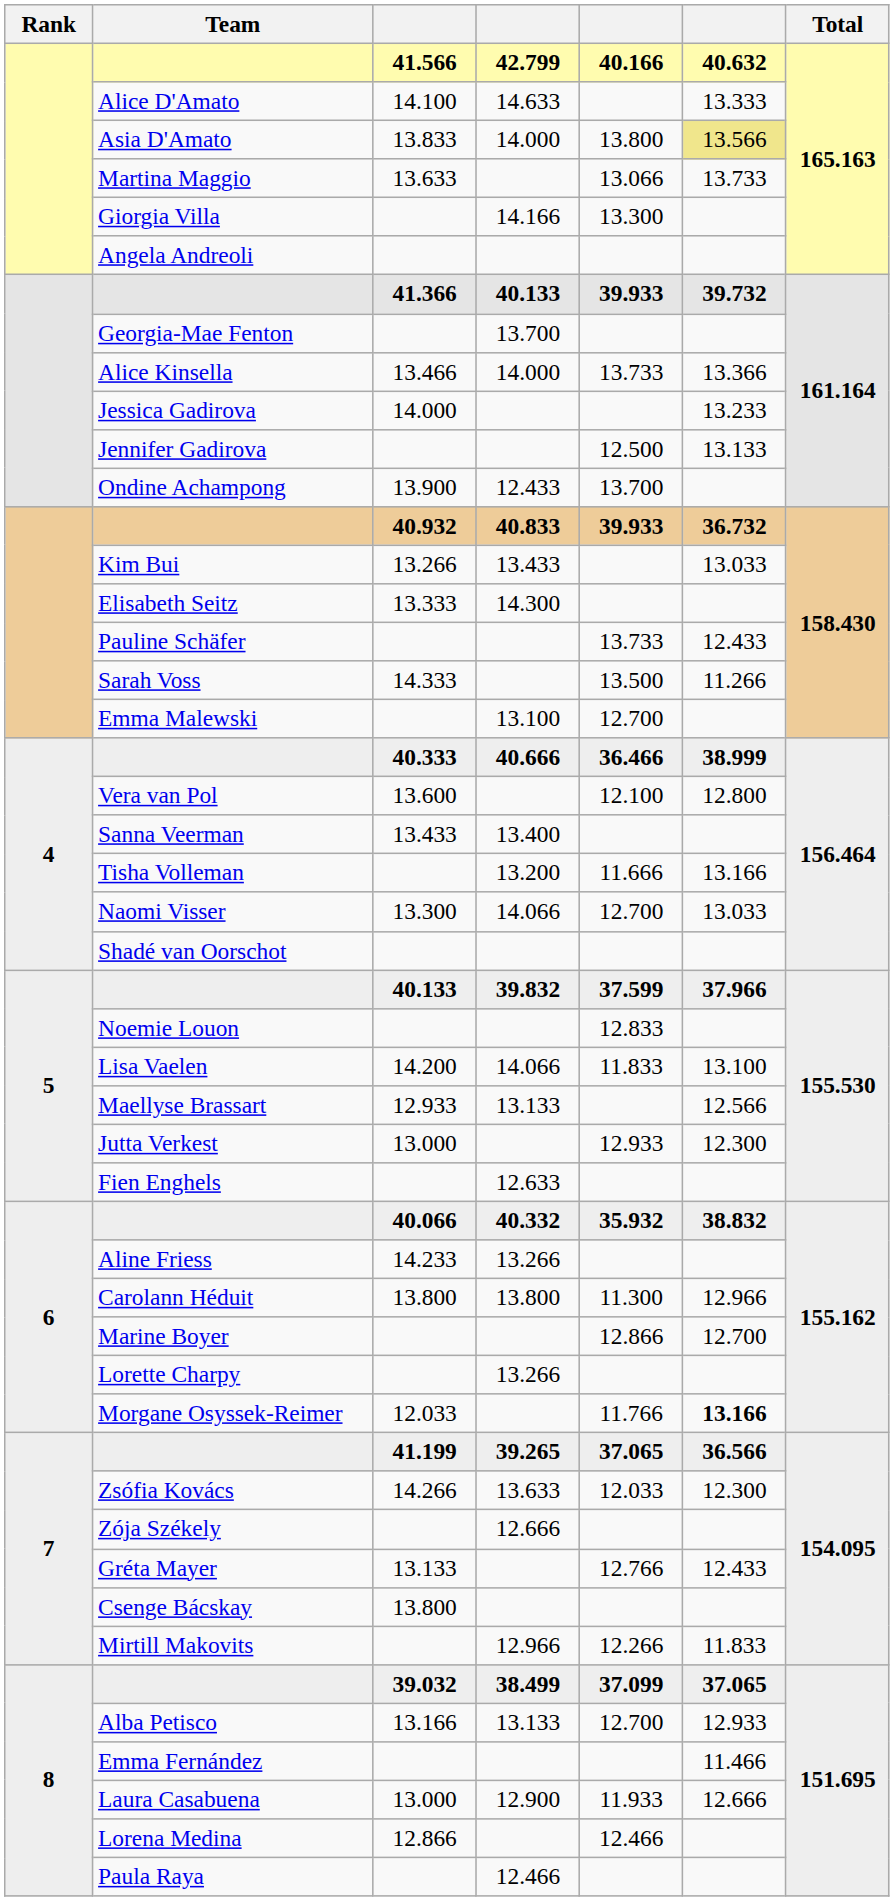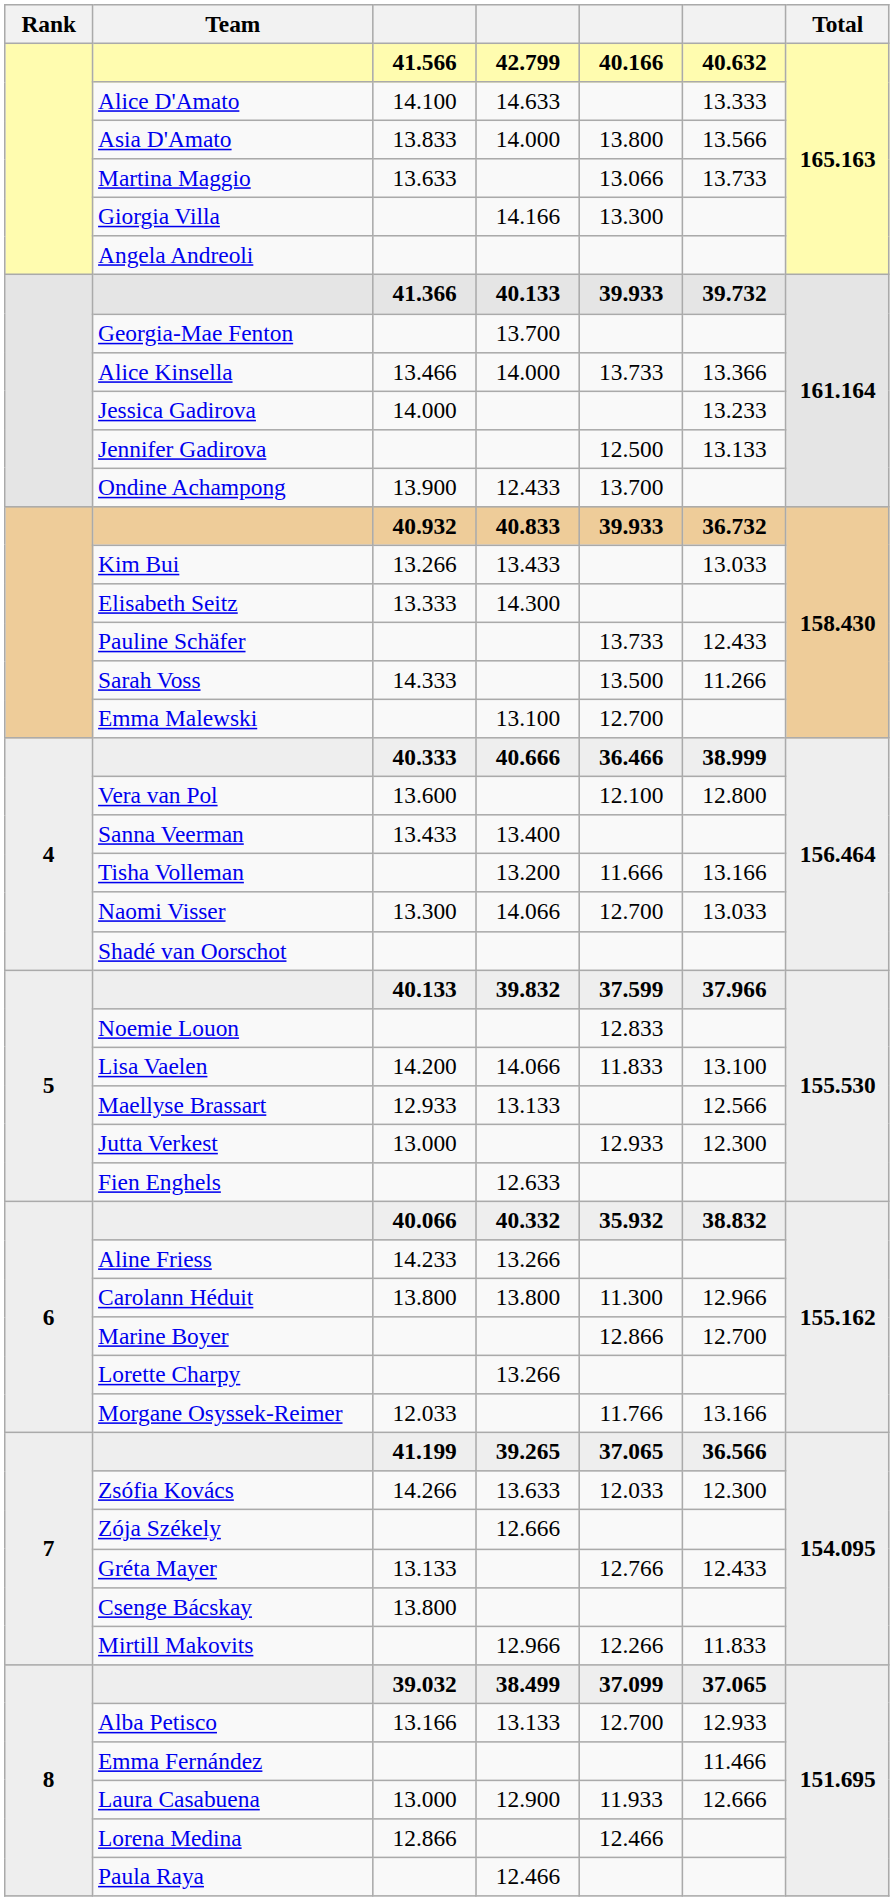 <table class="wikitable sortable" style="text-align:center; font-size:95%">
 <tr>
 <th scope="col" style="width:50px;">Rank</th>
 <th scope="col" style="width:175px;">Team</th>
 <th scope="col" style="width:60px;"></th>
 <th scope="col" style="width:60px;"></th>
 <th scope="col" style="width:60px;"></th>
 <th scope="col" style="width:60px;"></th>
 <th scope="col" style="width:60px;">Total</th>
 </tr>
 <tr style="background:#fffcaf;">
 <td rowspan="6"><strong></strong></td>
 <td style="text-align:left;"></td>
 <td><strong>41.566</strong></td>
 <td><strong>42.799</strong></td>
 <td><strong>40.166</strong></td>
 <td><strong>40.632</strong></td>
 <td rowspan="6"><strong>165.163</strong></td>
 </tr>
 <tr>
 <td style="text-align:left;"><a href='#'>Alice D'Amato</a></td>
 <td>14.100</td>
 <td>14.633</td>
 <td></td>
 <td>13.333</td>
 </tr>
 <tr>
 <td style="text-align:left;"><a href='#'>Asia D'Amato</a></td>
 <td>13.833</td>
 <td>14.000</td>
 <td>13.800</td>
-<td style="background: khaki;">13.566</td>
+<td>13.566</td>
 </tr>
 <tr>
 <td style="text-align:left;"><a href='#'>Martina Maggio</a></td>
 <td>13.633</td>
 <td></td>
 <td>13.066</td>
 <td>13.733</td>
 </tr>
 <tr>
 <td style="text-align:left;"><a href='#'>Giorgia Villa</a></td>
 <td></td>
 <td>14.166</td>
 <td>13.300</td>
 <td></td>
 </tr>
 <tr>
 <td style="text-align:left;"><a href='#'>Angela Andreoli</a></td>
 <td></td>
 <td></td>
 <td></td>
 <td></td>
 </tr>
 <tr style="background:#e5e5e5;">
 <td rowspan="6"><strong></strong></td>
 <td style="text-align:left;"></td>
 <td><strong>41.366</strong></td>
 <td><strong>40.133</strong></td>
 <td><strong>39.933</strong></td>
 <td><strong>39.732</strong></td>
 <td rowspan="6"><strong>161.164</strong></td>
 </tr>
 <tr>
 <td style="text-align:left;"><a href='#'>Georgia-Mae Fenton</a></td>
 <td></td>
 <td>13.700</td>
 <td></td>
 <td></td>
 </tr>
 <tr>
 <td style="text-align:left;"><a href='#'>Alice Kinsella</a></td>
 <td>13.466</td>
 <td>14.000</td>
 <td>13.733</td>
 <td>13.366</td>
 </tr>
 <tr>
 <td style="text-align:left;"><a href='#'>Jessica Gadirova</a></td>
 <td>14.000</td>
 <td></td>
 <td></td>
 <td>13.233</td>
 </tr>
 <tr>
 <td style="text-align:left;"><a href='#'>Jennifer Gadirova</a></td>
 <td></td>
 <td></td>
 <td>12.500</td>
 <td>13.133</td>
 </tr>
 <tr>
 <td style="text-align:left;"><a href='#'>Ondine Achampong</a></td>
 <td>13.900</td>
 <td>12.433</td>
 <td>13.700</td>
 <td></td>
 </tr>
 <tr style="background:#ec9;">
 <td rowspan="6"><strong></strong></td>
 <td style="text-align:left;"></td>
 <td><strong>40.932</strong></td>
 <td><strong>40.833</strong></td>
 <td><strong>39.933</strong></td>
 <td><strong>36.732</strong></td>
 <td rowspan="6"><strong>158.430</strong></td>
 </tr>
 <tr>
 <td style="text-align:left;"><a href='#'>Kim Bui</a></td>
 <td>13.266</td>
 <td>13.433</td>
 <td></td>
 <td>13.033</td>
 </tr>
 <tr>
 <td style="text-align:left;"><a href='#'>Elisabeth Seitz</a></td>
 <td>13.333</td>
 <td>14.300</td>
 <td></td>
 <td></td>
 </tr>
 <tr>
 <td style="text-align:left;"><a href='#'>Pauline Schäfer</a></td>
 <td></td>
 <td></td>
 <td>13.733</td>
 <td>12.433</td>
 </tr>
 <tr>
 <td style="text-align:left;"><a href='#'>Sarah Voss</a></td>
 <td>14.333</td>
 <td></td>
 <td>13.500</td>
 <td>11.266</td>
 </tr>
 <tr>
 <td style="text-align:left;"><a href='#'>Emma Malewski</a></td>
 <td></td>
 <td>13.100</td>
 <td>12.700</td>
 <td></td>
 </tr>
 <tr style="background:#eee;">
 <td rowspan="6"><strong>4</strong></td>
 <td style="text-align:left;"></td>
 <td><strong>40.333</strong></td>
 <td><strong>40.666</strong></td>
 <td><strong>36.466</strong></td>
 <td><strong>38.999</strong></td>
 <td rowspan="6"><strong>156.464</strong></td>
 </tr>
 <tr>
 <td style="text-align:left;"><a href='#'>Vera van Pol</a></td>
 <td>13.600</td>
 <td></td>
 <td>12.100</td>
 <td>12.800</td>
 </tr>
 <tr>
 <td style="text-align:left;"><a href='#'>Sanna Veerman</a></td>
 <td>13.433</td>
 <td>13.400</td>
 <td></td>
 <td></td>
 </tr>
 <tr>
 <td style="text-align:left;"><a href='#'>Tisha Volleman</a></td>
 <td></td>
 <td>13.200</td>
 <td>11.666</td>
 <td>13.166</td>
 </tr>
 <tr>
 <td style="text-align:left;"><a href='#'>Naomi Visser</a></td>
 <td>13.300</td>
 <td>14.066</td>
 <td>12.700</td>
 <td>13.033</td>
 </tr>
 <tr>
 <td style="text-align:left;"><a href='#'>Shadé van Oorschot</a></td>
 <td></td>
 <td></td>
 <td></td>
 <td></td>
 </tr>
 <tr style="background:#eee;">
 <td rowspan="6"><strong>5</strong></td>
 <td style="text-align:left;"></td>
 <td><strong>40.133</strong></td>
 <td><strong>39.832</strong></td>
 <td><strong>37.599</strong></td>
 <td><strong>37.966</strong></td>
 <td rowspan="6"><strong>155.530</strong></td>
 </tr>
 <tr>
 <td style="text-align:left;"><a href='#'>Noemie Louon</a></td>
 <td></td>
 <td></td>
 <td>12.833</td>
 <td></td>
 </tr>
 <tr>
 <td style="text-align:left;"><a href='#'>Lisa Vaelen</a></td>
 <td>14.200</td>
 <td>14.066</td>
 <td>11.833</td>
 <td>13.100</td>
 </tr>
 <tr>
 <td style="text-align:left;"><a href='#'>Maellyse Brassart</a></td>
 <td>12.933</td>
 <td>13.133</td>
 <td></td>
 <td>12.566</td>
 </tr>
 <tr>
 <td style="text-align:left;"><a href='#'>Jutta Verkest</a></td>
 <td>13.000</td>
 <td></td>
 <td>12.933</td>
 <td>12.300</td>
 </tr>
 <tr>
 <td style="text-align:left;"><a href='#'>Fien Enghels</a></td>
 <td></td>
 <td>12.633</td>
 <td></td>
 <td></td>
 </tr>
 <tr style="background:#eee;">
 <td rowspan="6"><strong>6</strong></td>
 <td style="text-align:left;"></td>
 <td><strong>40.066</strong></td>
 <td><strong>40.332</strong></td>
 <td><strong>35.932</strong></td>
 <td><strong>38.832</strong></td>
 <td rowspan="6"><strong>155.162</strong></td>
 </tr>
 <tr>
 <td style="text-align:left;"><a href='#'>Aline Friess</a></td>
 <td>14.233</td>
 <td>13.266</td>
 <td></td>
 <td></td>
 </tr>
 <tr>
 <td style="text-align:left;"><a href='#'>Carolann Héduit</a></td>
 <td>13.800</td>
 <td>13.800</td>
 <td>11.300</td>
 <td>12.966</td>
 </tr>
 <tr>
 <td style="text-align:left;"><a href='#'>Marine Boyer</a></td>
 <td></td>
 <td></td>
 <td>12.866</td>
 <td>12.700</td>
 </tr>
 <tr>
 <td style="text-align:left;"><a href='#'>Lorette Charpy</a></td>
 <td></td>
 <td>13.266</td>
 <td></td>
 <td></td>
 </tr>
 <tr>
 <td style="text-align:left;"><a href='#'>Morgane Osyssek-Reimer</a></td>
 <td>12.033</td>
 <td></td>
 <td>11.766</td>
-<td><strong>13.166</strong></td>
+<td>13.166</td>
 </tr>
 <tr style="background:#eee;">
 <td rowspan="6"><strong>7</strong></td>
 <td style="text-align:left;"></td>
 <td><strong>41.199</strong></td>
 <td><strong>39.265</strong></td>
 <td><strong>37.065</strong></td>
 <td><strong>36.566</strong></td>
 <td rowspan="6"><strong>154.095</strong></td>
 </tr>
 <tr>
 <td style="text-align:left;"><a href='#'>Zsófia Kovács</a></td>
 <td>14.266</td>
 <td>13.633</td>
 <td>12.033</td>
 <td>12.300</td>
 </tr>
 <tr>
 <td style="text-align:left;"><a href='#'>Zója Székely</a></td>
 <td></td>
 <td>12.666</td>
 <td></td>
 <td></td>
 </tr>
 <tr>
 <td style="text-align:left;"><a href='#'>Gréta Mayer</a></td>
 <td>13.133</td>
 <td></td>
 <td>12.766</td>
 <td>12.433</td>
 </tr>
 <tr>
 <td style="text-align:left;"><a href='#'>Csenge Bácskay</a></td>
 <td>13.800</td>
 <td></td>
 <td></td>
 <td></td>
 </tr>
 <tr>
 <td style="text-align:left;"><a href='#'>Mirtill Makovits</a></td>
 <td></td>
 <td>12.966</td>
 <td>12.266</td>
 <td>11.833</td>
 </tr>
 <tr style="background:#eee;">
 <td rowspan="6"><strong>8</strong></td>
 <td style="text-align:left;"></td>
 <td><strong>39.032</strong></td>
 <td><strong>38.499</strong></td>
 <td><strong>37.099</strong></td>
 <td><strong>37.065</strong></td>
 <td rowspan="6"><strong>151.695</strong></td>
 </tr>
 <tr>
 <td style="text-align:left;"><a href='#'>Alba Petisco</a></td>
 <td>13.166</td>
 <td>13.133</td>
 <td>12.700</td>
 <td>12.933</td>
 </tr>
 <tr>
 <td style="text-align:left;"><a href='#'>Emma Fernández</a></td>
 <td></td>
 <td></td>
 <td></td>
 <td>11.466</td>
 </tr>
 <tr>
 <td style="text-align:left;"><a href='#'>Laura Casabuena</a></td>
 <td>13.000</td>
 <td>12.900</td>
 <td>11.933</td>
 <td>12.666</td>
 </tr>
 <tr>
 <td style="text-align:left;"><a href='#'>Lorena Medina</a></td>
 <td>12.866</td>
 <td></td>
 <td>12.466</td>
 <td></td>
 </tr>
 <tr>
 <td style="text-align:left;"><a href='#'>Paula Raya</a></td>
 <td></td>
 <td>12.466</td>
 <td></td>
 <td></td>
 </tr>
 </table>
